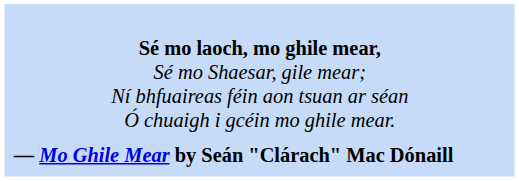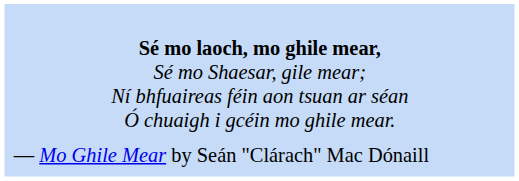 <table class="toccolours" style="float: center; margin-left: 2em; margin-right: 1em; font-size: 85%; background:#c6dbf7; color:black; width:25em; max-width: 30%;" cellspacing="5">
 <tr>
 <td style="text-align: center;"><br><strong>Sé mo laoch, mo ghile mear,<em><br> </strong>Sé mo Shaesar, gile mear;</em><br> <em>Ní bhfuaireas féin aon tsuan ar séan</em><br> <em>Ó chuaigh i gcéin mo ghile mear.</em><br></td>
 </tr>
 <tr>
-<td style="text-align: left;"><strong>— <em><a href='#'>Mo Ghile Mear</a></em> by Seán "Clárach" Mac Dónaill</strong></td>
+<td style="text-align: left;">— <em><a href='#'>Mo Ghile Mear</a></em> by Seán "Clárach" Mac Dónaill</td>
 </tr>
 </table>
